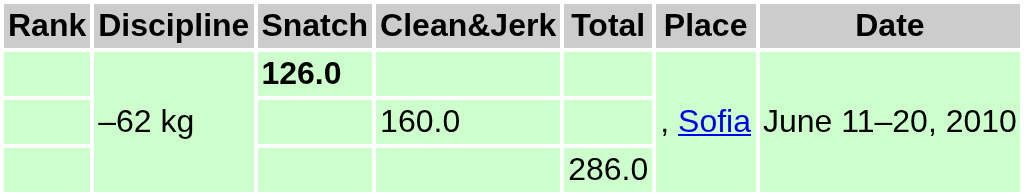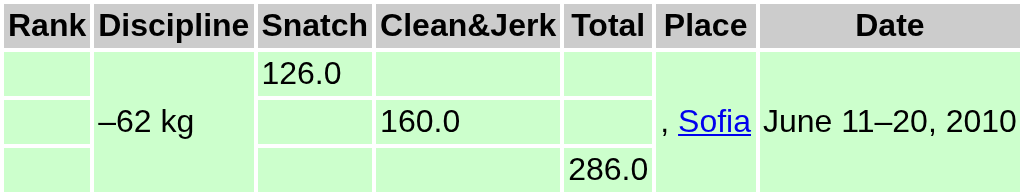 <table border=0 cellpadding=2 cellspacing=2>
 <tr bgcolor=#CCCCCC>
 <th>Rank</th>
 <th>Discipline</th>
 <th>Snatch</th>
 <th>Clean&Jerk</th>
 <th>Total</th>
 <th>Place</th>
 <th>Date</th>
 </tr>
 <tr bgcolor=#CCFFCC>
 <td></td>
 <td rowspan=3>–62 kg</td>
-<td><strong>126.0</strong></td>
+<td>126.0</td>
 <td></td>
 <td></td>
 <td rowspan=3>, <a href='#'>Sofia</a></td>
 <td rowspan=3>June 11–20, 2010</td>
 </tr>
 <tr bgcolor=#CCFFCC>
 <td></td>
 <td></td>
 <td>160.0</td>
 <td></td>
 </tr>
 <tr bgcolor=#CCFFCC>
 <td></td>
 <td></td>
 <td></td>
 <td>286.0</td>
 </tr>
 </table>
